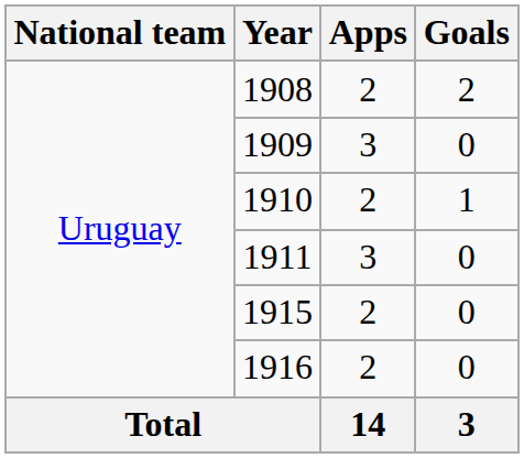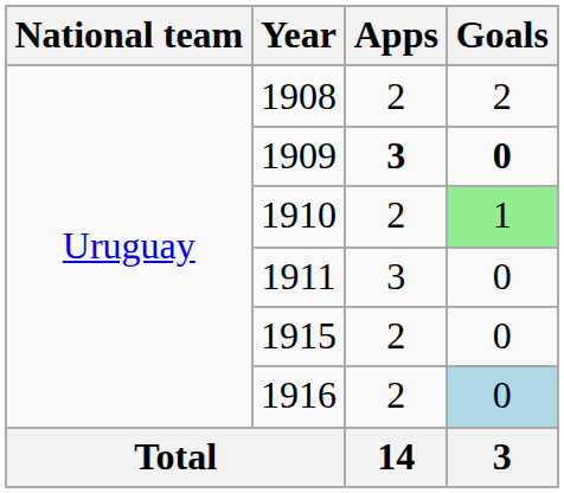 <table class="wikitable" style="text-align:center">
 <tr>
 <th>National team</th>
 <th>Year</th>
 <th>Apps</th>
 <th>Goals</th>
 </tr>
 <tr>
 <td rowspan="6"><a href='#'>Uruguay</a></td>
 <td>1908</td>
 <td>2</td>
 <td>2</td>
 </tr>
 <tr>
 <td>1909</td>
-<td>3</td>
-<td>0</td>
+<td><strong>3</strong></td>
+<td><strong>0</strong></td>
 </tr>
 <tr>
 <td>1910</td>
 <td>2</td>
-<td>1</td>
+<td style="background: lightgreen;">1</td>
 </tr>
 <tr>
 <td>1911</td>
 <td>3</td>
 <td>0</td>
 </tr>
 <tr>
 <td>1915</td>
 <td>2</td>
 <td>0</td>
 </tr>
 <tr>
 <td>1916</td>
 <td>2</td>
-<td>0</td>
+<td style="background: lightblue;">0</td>
 </tr>
 <tr>
 <th colspan=2>Total</th>
 <th>14</th>
 <th>3</th>
 </tr>
 </table>
